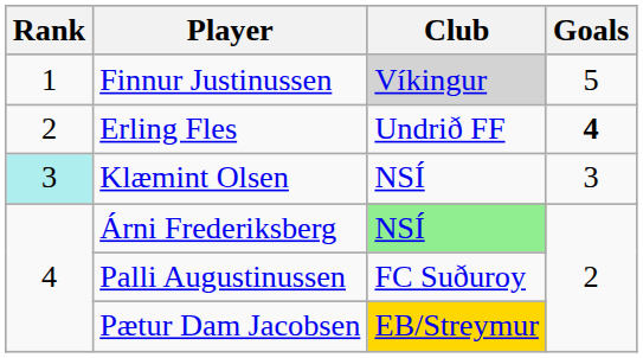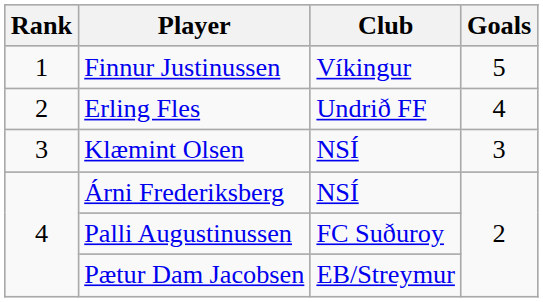 <table class="wikitable">
 <tr>
 <th>Rank</th>
 <th>Player</th>
 <th>Club</th>
 <th>Goals</th>
 </tr>
 <tr>
 <td align="center" rowspan="1">1</td>
 <td> <a href='#'>Finnur Justinussen</a></td>
-<td style="background: lightgrey;"><a href='#'>Víkingur</a></td>
+<td><a href='#'>Víkingur</a></td>
 <td align="center" rowspan="1">5</td>
 </tr>
 <tr>
 <td align="center" rowspan="1">2</td>
 <td> <a href='#'>Erling Fles</a></td>
 <td><a href='#'>Undrið FF</a></td>
-<td align="center" rowspan="1"><strong>4</strong></td>
+<td align="center" rowspan="1">4</td>
 </tr>
 <tr>
-<td align="center" rowspan="1" style="background: paleturquoise;">3</td>
+<td align="center" rowspan="1">3</td>
 <td> <a href='#'>Klæmint Olsen</a></td>
 <td><a href='#'>NSÍ</a></td>
 <td align="center" rowspan="1">3</td>
 </tr>
 <tr>
 <td align="center" rowspan="3">4</td>
 <td> <a href='#'>Árni Frederiksberg</a></td>
-<td style="background: lightgreen;"><a href='#'>NSÍ</a></td>
+<td><a href='#'>NSÍ</a></td>
 <td align="center" rowspan="3">2</td>
 </tr>
 <tr>
 <td> <a href='#'>Palli Augustinussen</a></td>
 <td><a href='#'>FC Suðuroy</a></td>
 </tr>
 <tr>
 <td> <a href='#'>Pætur Dam Jacobsen</a></td>
-<td style="background: gold;"><a href='#'>EB/Streymur</a></td>
+<td><a href='#'>EB/Streymur</a></td>
 </tr>
 </table>
